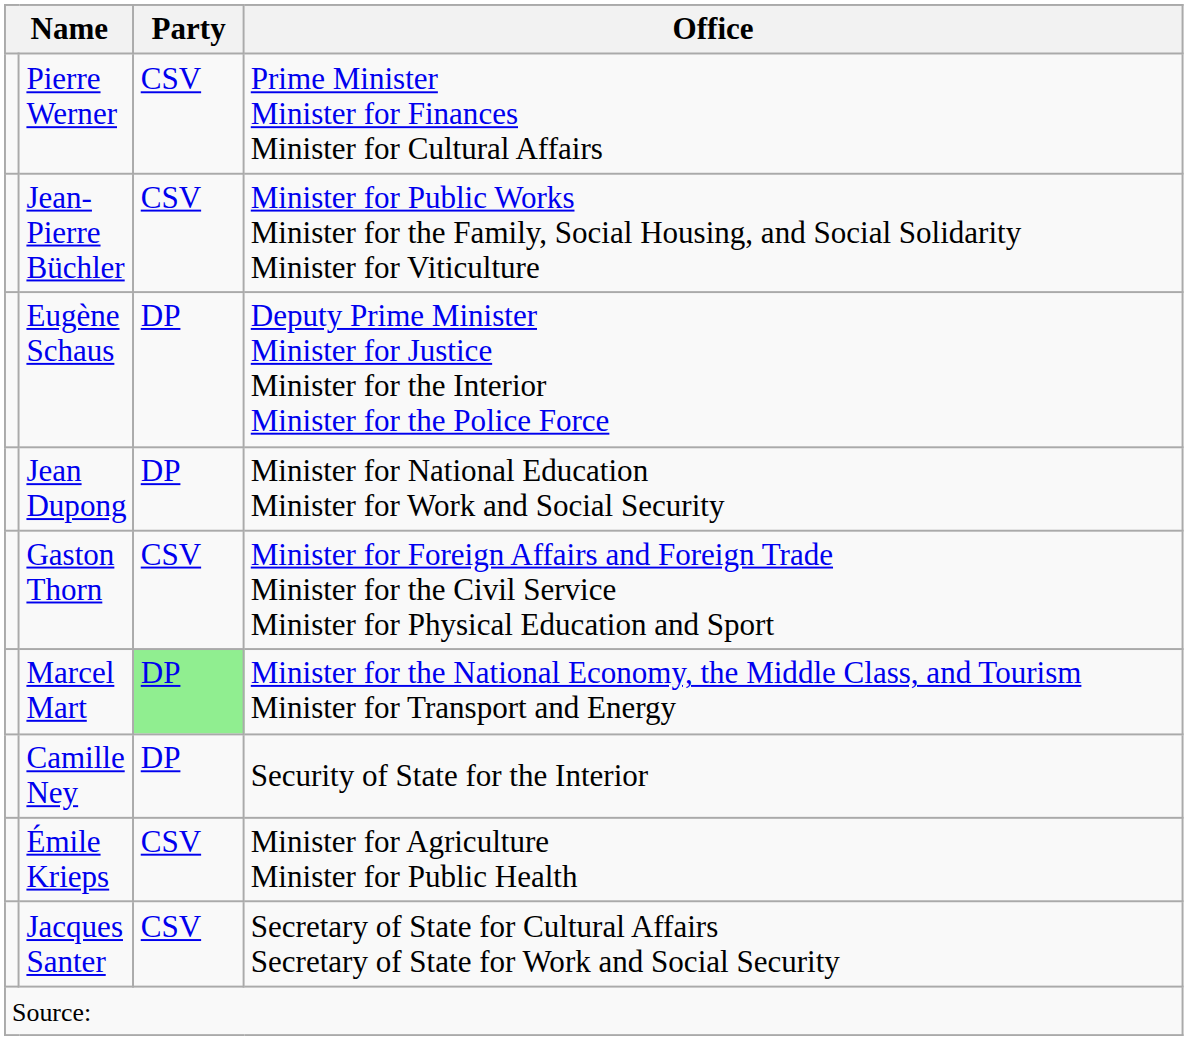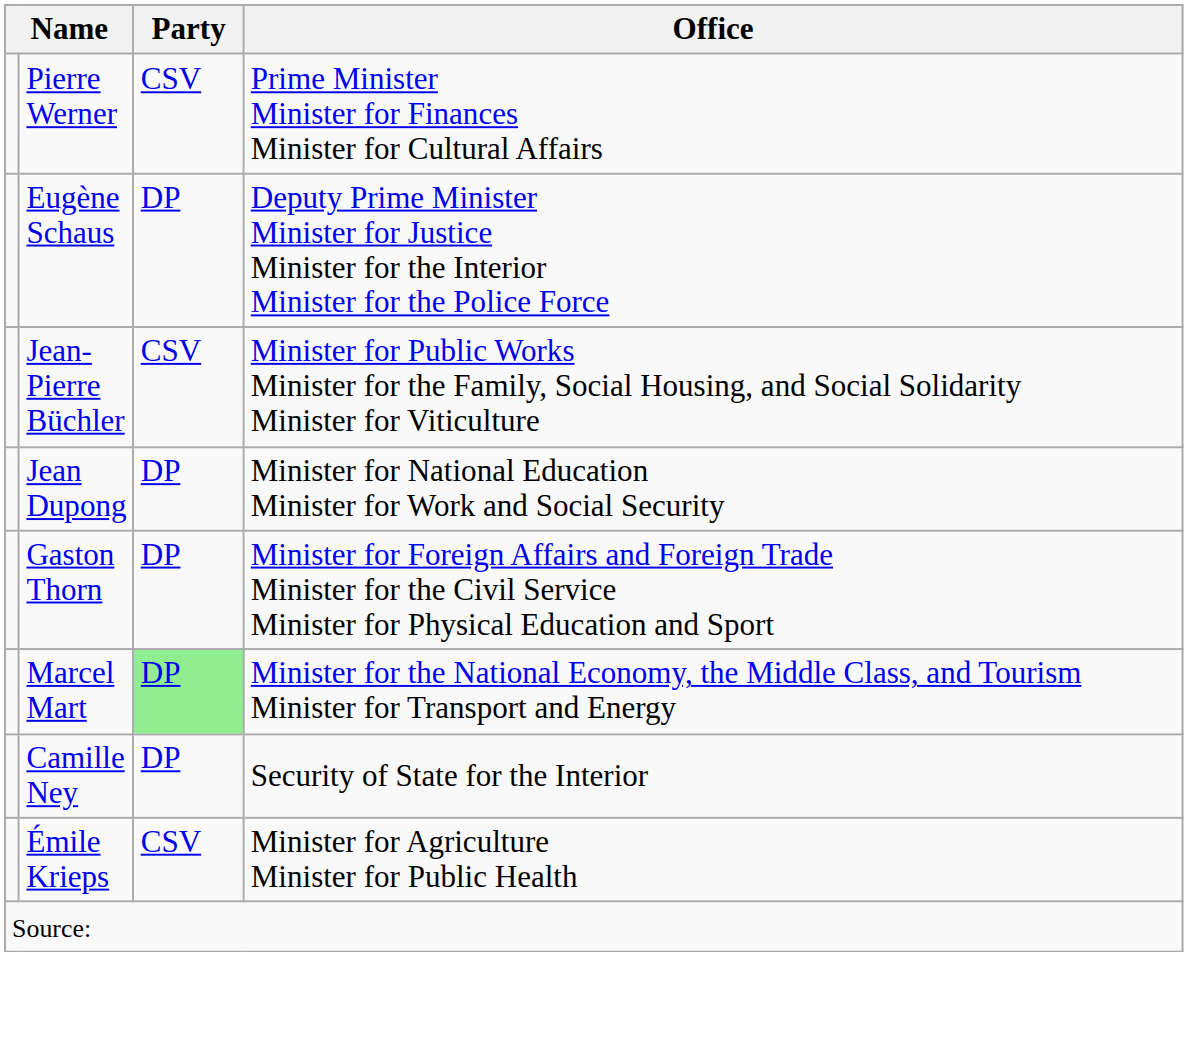 <table class="wikitable">
 <tr>
 <th colspan=2 width=250px>Name</th>
 <th width=50px>Party</th>
 <th width=500px>Office</th>
 </tr>
 <tr>
 <td style="background-color: "></td>
 <td valign=top><a href='#'>Pierre Werner</a></td>
 <td valign=top><a href='#'>CSV</a></td>
 <td><a href='#'>Prime Minister</a> <br> <a href='#'>Minister for Finances</a> <br> Minister for Cultural Affairs</td>
 </tr>
 <tr>
 <td style="background-color: "></td>
+<td valign=top><a href='#'>Eugène Schaus</a></td>
+<td valign=top><a href='#'>DP</a></td>
+<td><a href='#'>Deputy Prime Minister</a> <br> <a href='#'>Minister for Justice</a> <br> Minister for the Interior <br> <a href='#'>Minister for the Police Force</a></td>
+</tr>
+<tr>
+<td style="background-color: "></td>
 <td valign=top><a href='#'>Jean-Pierre Büchler</a></td>
 <td valign=top><a href='#'>CSV</a></td>
 <td><a href='#'>Minister for Public Works</a> <br> Minister for the Family, Social Housing, and Social Solidarity <br> Minister for Viticulture</td>
-</tr>
-<tr>
-<td style="background-color: "></td>
-<td valign=top><a href='#'>Eugène Schaus</a></td>
-<td valign=top><a href='#'>DP</a></td>
-<td><a href='#'>Deputy Prime Minister</a> <br> <a href='#'>Minister for Justice</a> <br> Minister for the Interior <br> <a href='#'>Minister for the Police Force</a></td>
 </tr>
 <tr>
 <td style="background-color: "></td>
 <td valign=top><a href='#'>Jean Dupong</a></td>
 <td valign=top><a href='#'>DP</a></td>
 <td>Minister for National Education <br> Minister for Work and Social Security</td>
 </tr>
 <tr>
 <td style="background-color: "></td>
 <td valign=top><a href='#'>Gaston Thorn</a></td>
-<td valign=top><a href='#'>CSV</a></td>
+<td valign=top><a href='#'>DP</a></td>
 <td><a href='#'>Minister for Foreign Affairs and Foreign Trade</a> <br> Minister for the Civil Service <br> Minister for Physical Education and Sport</td>
 </tr>
 <tr>
 <td style="background-color: "></td>
 <td valign=top><a href='#'>Marcel Mart</a></td>
 <td valign=top style="background: lightgreen;"><a href='#'>DP</a></td>
 <td><a href='#'>Minister for the National Economy, the Middle Class, and Tourism</a> <br> Minister for Transport and Energy</td>
 </tr>
 <tr>
 <td style="background-color: "></td>
 <td valign=top><a href='#'>Camille Ney</a></td>
 <td valign=top><a href='#'>DP</a></td>
 <td>Security of State for the Interior</td>
 </tr>
 <tr>
 <td style="background-color: "></td>
 <td valign=top><a href='#'>Émile Krieps</a></td>
 <td valign=top><a href='#'>CSV</a></td>
 <td>Minister for Agriculture <br> Minister for Public Health</td>
 </tr>
 <tr>
-<td style="background-color: "></td>
-<td valign=top><a href='#'>Jacques Santer</a></td>
-<td valign=top><a href='#'>CSV</a></td>
-<td>Secretary of State for Cultural Affairs <br> Secretary of State for Work and Social Security</td>
-</tr>
-<tr>
 <td colspan=4><small>Source: </small></td>
 </tr>
 </table>
